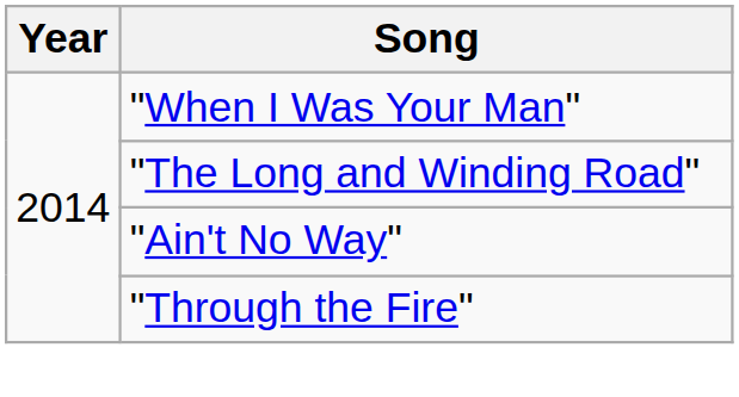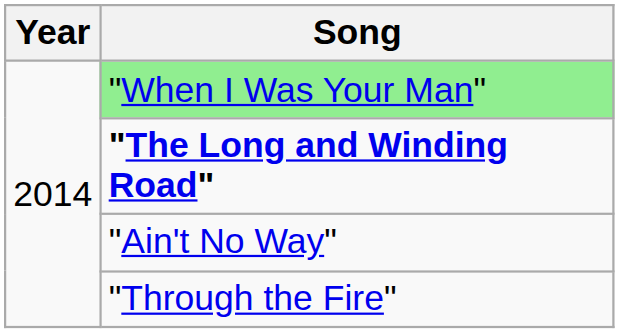 <table class="wikitable">
 <tr>
 <th>Year</th>
 <th style="width:14em;">Song</th>
 </tr>
 <tr>
 <td rowspan="4">2014</td>
-<td>"<a href='#'>When I Was Your Man</a>"</td>
+<td style="background: lightgreen;">"<a href='#'>When I Was Your Man</a>"</td>
 </tr>
 <tr>
-<td>"<a href='#'>The Long and Winding Road</a>"</td>
+<td><strong>"<a href='#'>The Long and Winding Road</a>"</strong></td>
 </tr>
 <tr>
 <td>"<a href='#'>Ain't No Way</a>"</td>
 </tr>
 <tr>
 <td>"<a href='#'>Through the Fire</a>"</td>
 </tr>
 </table>
